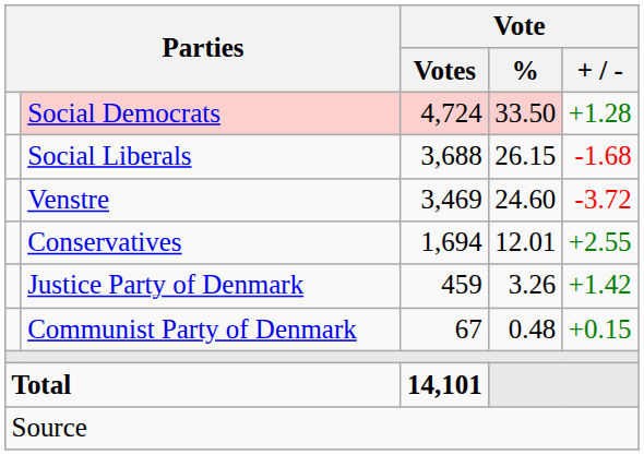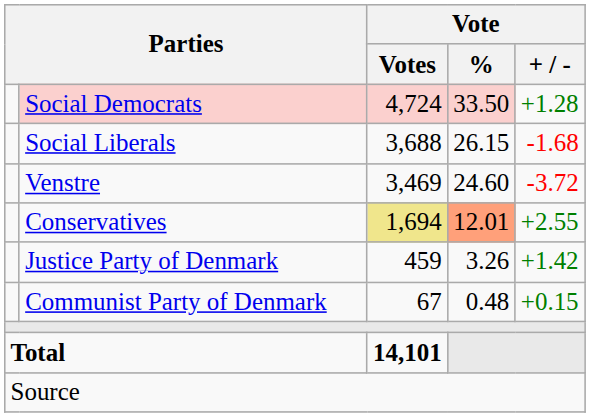 <table class="wikitable" style="text-align:right;">
 <tr>
 <th style="text-align:centre;" rowspan="2" colspan="2" width="225">Parties</th>
 <th colspan="3">Vote</th>
 </tr>
 <tr>
 <th width="15">Votes</th>
 <th width="15">%</th>
 <th width="15">+ / -</th>
 </tr>
 <tr>
 <td width="2" style="color:inherit;background:"></td>
 <td bgcolor=#fbd0ce  align="left"><a href='#'>Social Democrats</a></td>
 <td bgcolor=#fbd0ce>4,724</td>
 <td bgcolor=#fbd0ce>33.50</td>
 <td style=color:green;>+1.28</td>
 </tr>
 <tr>
 <td width="2" style="color:inherit;background:"></td>
 <td align="left"><a href='#'>Social Liberals</a></td>
 <td>3,688</td>
 <td>26.15</td>
 <td style=color:red;>-1.68</td>
 </tr>
 <tr>
 <td width="2" style="color:inherit;background:"></td>
 <td align="left"><a href='#'>Venstre</a></td>
 <td>3,469</td>
 <td>24.60</td>
 <td style=color:red;>-3.72</td>
 </tr>
 <tr>
 <td width="2" style="color:inherit;background:"></td>
 <td align="left"><a href='#'>Conservatives</a></td>
-<td>1,694</td>
-<td>12.01</td>
+<td style="background: khaki;">1,694</td>
+<td style="background: lightsalmon;">12.01</td>
 <td style=color:green;>+2.55</td>
 </tr>
 <tr>
 <td width="2" style="color:inherit;background:"></td>
 <td align="left"><a href='#'>Justice Party of Denmark</a></td>
 <td>459</td>
 <td>3.26</td>
 <td style=color:green;>+1.42</td>
 </tr>
 <tr>
 <td width="2" style="color:inherit;background:"></td>
 <td align="left"><a href='#'>Communist Party of Denmark</a></td>
 <td>67</td>
 <td>0.48</td>
 <td style=color:green;>+0.15</td>
 </tr>
 <tr>
 <td colspan="7" bgcolor="#E9E9E9"></td>
 </tr>
 <tr>
 <td align="left" colspan="2"><strong>Total</strong></td>
 <td><strong>14,101</strong></td>
 <td bgcolor="#E9E9E9" colspan="2"></td>
 </tr>
 <tr>
 <td align="left" colspan="6">Source</td>
 </tr>
 </table>
